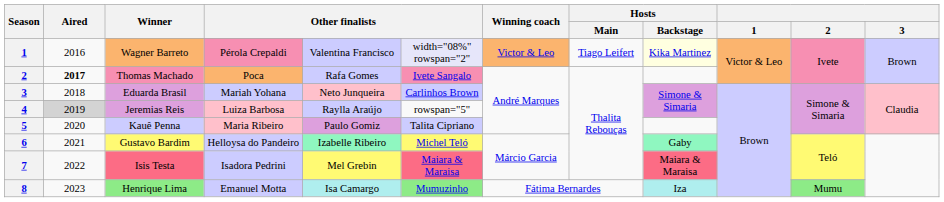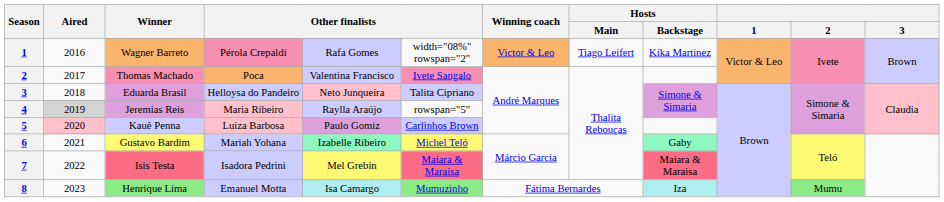 <table class="wikitable" style="text-align:center; font-size:90%; line-height:16px; width:100%">
 <tr>
 <th rowspan="2" scope="col" width="01%">Season</th>
 <th rowspan="2" scope="col" width="5%">Aired</th>
 <th rowspan="2" scope="col" width="08%">Winner</th>
 <th rowspan="2" colspan="3" width="22%">Other finalists</th>
 <th rowspan="2" scope="col" width="07%">Winning coach</th>
 <th colspan="2" scope="col" width="12%">Hosts</th>
 <th colspan="3" scope="col" width="20%"></th>
 </tr>
 <tr>
 <th width="06%">Main</th>
 <th width="06%">Backstage</th>
 <th width="06%">1</th>
 <th width="06%">2</th>
 <th width="06%">3</th>
 </tr>
 <tr>
 <th scope="row"><a href='#'>1</a></th>
 <td>2016</td>
 <td bgcolor="#fbb46e">Wagner Barreto</td>
 <td width="08%" bgcolor="#F78FB2">Pérola Crepaldi</td>
-<td bgcolor="#CCCCFF">Valentina Francisco</td>
-<td style="background: lavender;">width="08%" rowspan="2" </td>
+<td width="08%" bgcolor="#CCCCFF">Rafa Gomes</td>
+<td>width="08%" rowspan="2" </td>
 <td bgcolor="#fbb46e"><a href='#'>Victor & Leo</a></td>
 <td><a href='#'>Tiago Leifert</a></td>
-<td style="background: lightyellow;"><a href='#'>Kika Martinez</a></td>
+<td><a href='#'>Kika Martinez</a></td>
 <td rowspan="2" bgcolor="#fbb46e">Victor & Leo</td>
 <td rowspan="2" bgcolor="#F78FB2">Ivete</td>
 <td rowspan="2" bgcolor="#CCCCFF">Brown</td>
 </tr>
 <tr>
 <th scope="row"><a href='#'>2</a></th>
-<td><strong>2017</strong></td>
+<td>2017</td>
 <td bgcolor="#F78FB2">Thomas Machado</td>
 <td bgcolor="#fbb46e"> Poca</td>
-<td width="08%" bgcolor="#CCCCFF">Rafa Gomes</td>
+<td bgcolor="#CCCCFF">Valentina Francisco</td>
 <td bgcolor="#F78FB2"><a href='#'>Ivete Sangalo</a></td>
 <td rowspan="4"><a href='#'>André Marques</a></td>
 <td rowspan="6"><a href='#'>Thalita Rebouças</a></td>
 </tr>
 <tr>
 <th scope="row"><a href='#'>3</a></th>
 <td>2018</td>
 <td bgcolor="#DDA0DD">Eduarda Brasil</td>
-<td bgcolor="#CCCCFF">Mariah Yohana</td>
+<td bgcolor="#CCCCFF">Helloysa do Pandeiro</td>
 <td bgcolor="pink">Neto Junqueira</td>
-<td bgcolor="#CCCCFF"><a href='#'>Carlinhos Brown</a></td>
+<td bgcolor="#CCCCFF">Talita Cipriano</td>
 <td rowspan="2" bgcolor="#DDA0DD"><a href='#'>Simone & Simaria</a></td>
 <td rowspan="6" bgcolor="#CCCCFF">Brown</td>
 <td rowspan="3" bgcolor="#DDA0DD">Simone & Simaria</td>
 <td rowspan="3" bgcolor="pink">Claudia</td>
 </tr>
 <tr>
 <th scope="row"><a href='#'>4</a></th>
 <td style="background: lightgrey;">2019</td>
 <td bgcolor="#DDA0DD">Jeremias Reis</td>
-<td bgcolor="pink">Luiza Barbosa</td>
+<td bgcolor="pink">Maria Ribeiro</td>
 <td bgcolor="#CCCCFF">Raylla Araújo</td>
 <td>rowspan="5" </td>
 </tr>
 <tr>
 <th scope="row"><a href='#'>5</a></th>
-<td>2020</td>
+<td style="background: pink;">2020</td>
 <td bgcolor="#CCCCFF">Kauê Penna</td>
-<td bgcolor="pink">Maria Ribeiro</td>
+<td bgcolor="pink">Luiza Barbosa</td>
 <td bgcolor="#DDA0DD">Paulo Gomiz</td>
-<td bgcolor="#CCCCFF">Talita Cipriano</td>
+<td bgcolor="#CCCCFF"><a href='#'>Carlinhos Brown</a></td>
 </tr>
 <tr>
 <th scope="row"><a href='#'>6</a></th>
 <td>2021</td>
 <td bgcolor="#fffa73">Gustavo Bardim</td>
-<td bgcolor="#CCCCFF">Helloysa do Pandeiro</td>
+<td bgcolor="#CCCCFF">Mariah Yohana</td>
 <td bgcolor="#8FF7C0">Izabelle Ribeiro</td>
 <td bgcolor="#fffa73"><a href='#'>Michel Teló</a></td>
 <td rowspan="2"><a href='#'>Márcio Garcia</a></td>
 <td bgcolor="#8FF7C0">Gaby</td>
 <td bgcolor="#fffa73" rowspan="2">Teló</td>
 </tr>
 <tr>
 <th><a href='#'>7</a></th>
 <td>2022</td>
 <td bgcolor="#FC6C85">Isis Testa</td>
 <td bgcolor="#CCCCFF">Isadora Pedrini</td>
 <td bgcolor="#fffa73">Mel Grebin</td>
 <td bgcolor="#FC6C85"><a href='#'>Maiara & Maraisa</a></td>
 <td bgcolor="#FC6C85">Maiara & Maraisa</td>
 </tr>
 <tr>
 <th><a href='#'>8</a></th>
 <td>2023</td>
 <td bgcolor="#8deb87">Henrique Lima</td>
 <td bgcolor="#CCCCFF">Emanuel Motta</td>
 <td bgcolor="#AFEEEE">Isa Camargo</td>
 <td bgcolor="#8deb87"><a href='#'>Mumuzinho</a></td>
 <td colspan="2"><a href='#'>Fátima Bernardes</a></td>
 <td bgcolor="#AFEEEE">Iza</td>
 <td bgcolor="#8deb87">Mumu</td>
 </tr>
 </table>
